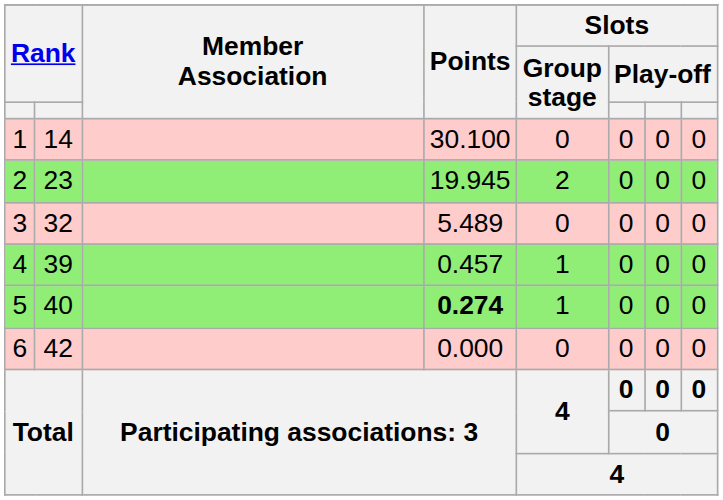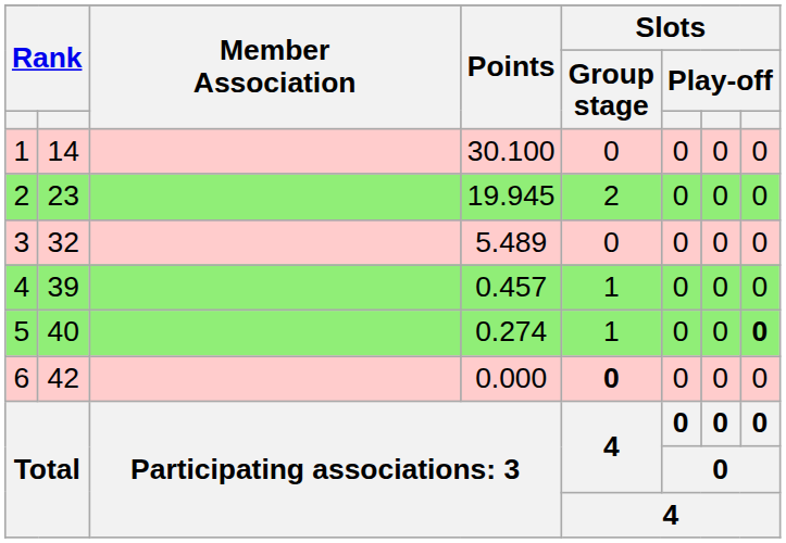 <table class="wikitable" style="text-align:center">
 <tr>
 </tr>
 <tr>
 <th colspan=2 rowspan=2><a href='#'>Rank</a></th>
 <th rowspan=3 width=200>Member<br>Association</th>
 <th rowspan=3>Points</th>
 <th colspan=5>Slots</th>
 </tr>
 <tr>
 <th rowspan=2>Group<br>stage</th>
 <th colspan=4>Play-off</th>
 </tr>
 <tr>
 <th></th>
 <th></th>
 <th></th>
 <th></th>
 <th></th>
 </tr>
 <tr bgcolor=#ffcccc>
 <td>1</td>
 <td>14</td>
 <td align=left></td>
 <td>30.100</td>
 <td>0</td>
 <td>0</td>
 <td>0</td>
 <td>0</td>
 </tr>
 <tr bgcolor=#90ee77>
 <td>2</td>
 <td>23</td>
 <td align=left></td>
 <td>19.945</td>
 <td>2</td>
 <td>0</td>
 <td>0</td>
 <td>0</td>
 </tr>
 <tr bgcolor=#ffcccc>
 <td>3</td>
 <td>32</td>
 <td align=left></td>
 <td>5.489</td>
 <td>0</td>
 <td>0</td>
 <td>0</td>
 <td>0</td>
 </tr>
 <tr bgcolor=#90ee77>
 <td>4</td>
 <td>39</td>
 <td align=left></td>
 <td>0.457</td>
 <td>1</td>
 <td>0</td>
 <td>0</td>
 <td>0</td>
 </tr>
 <tr bgcolor=#90ee77>
 <td>5</td>
 <td>40</td>
 <td align=left></td>
-<td><strong>0.274</strong></td>
+<td>0.274</td>
 <td>1</td>
 <td>0</td>
 <td>0</td>
-<td>0</td>
+<td><strong>0</strong></td>
 </tr>
 <tr bgcolor=#ffcccc>
 <td>6</td>
 <td>42</td>
 <td align=left></td>
 <td>0.000</td>
-<td>0</td>
+<td><strong>0</strong></td>
 <td>0</td>
 <td>0</td>
 <td>0</td>
 </tr>
 <tr>
 <th colspan=2 rowspan=3>Total</th>
 <th colspan=2 rowspan=3>Participating associations: 3</th>
 <th rowspan=2>4</th>
 <th>0</th>
 <th>0</th>
 <th>0</th>
 </tr>
 <tr>
 <th colspan=3>0</th>
 </tr>
 <tr>
 <th colspan=4>4</th>
 </tr>
 </table>
